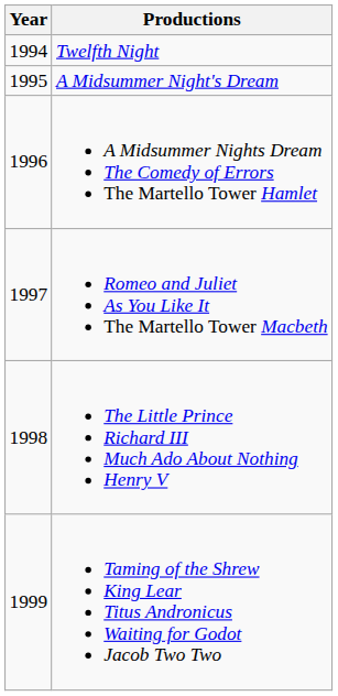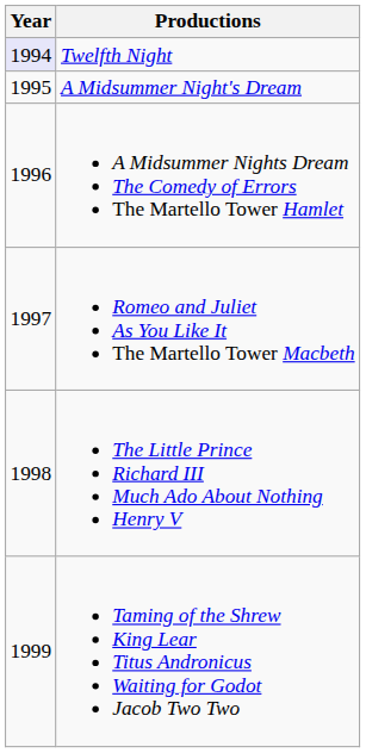 <table class="wikitable sortable">
 <tr>
 <th>Year</th>
 <th>Productions</th>
 </tr>
 <tr>
-<td>1994</td>
+<td style="background: lavender;">1994</td>
 <td><em><a href='#'>Twelfth Night</a></em></td>
 </tr>
 <tr>
 <td>1995</td>
 <td><em><a href='#'>A Midsummer Night's Dream</a></em></td>
 </tr>
 <tr>
 <td>1996</td>
 <td><br><ul><li><em>A Midsummer Nights Dream</em></li><li><em><a href='#'>The Comedy of Errors</a></em></li><li>The Martello Tower <em><a href='#'>Hamlet</a></em></li></ul></td>
 </tr>
 <tr>
 <td>1997</td>
 <td><br><ul><li><em><a href='#'>Romeo and Juliet</a></em></li><li><em><a href='#'>As You Like It</a></em></li><li>The Martello Tower <em><a href='#'>Macbeth</a></em></li></ul></td>
 </tr>
 <tr>
 <td>1998</td>
 <td><br><ul><li><em><a href='#'>The Little Prince</a></em></li><li><em><a href='#'>Richard III</a></em></li><li><em><a href='#'>Much Ado About Nothing</a></em></li><li><em><a href='#'>Henry V</a></em></li></ul></td>
 </tr>
 <tr>
 <td>1999</td>
 <td><br><ul><li><em><a href='#'>Taming of the Shrew</a></em></li><li><em><a href='#'>King Lear</a></em></li><li><em><a href='#'>Titus Andronicus</a></em></li><li><em><a href='#'>Waiting for Godot</a></em></li><li><em>Jacob Two Two</em></li></ul></td>
 </tr>
 </table>
